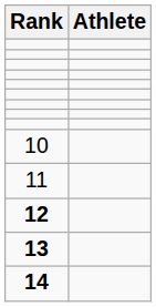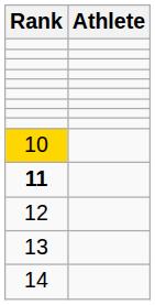 <table class="wikitable sortable" style="text-align:center">
 <tr>
 <th>Rank</th>
 <th>Athlete</th>
 </tr>
 <tr>
 <td></td>
 <td align=left></td>
 </tr>
 <tr>
 <td></td>
 <td align=left></td>
 </tr>
 <tr>
 <td></td>
 <td align=left></td>
 </tr>
 <tr>
 <td></td>
 <td align=left></td>
 </tr>
 <tr>
 <td></td>
 <td align=left></td>
 </tr>
 <tr>
 <td></td>
 <td align=left></td>
 </tr>
 <tr>
 <td></td>
 <td align=left></td>
 </tr>
 <tr>
 <td></td>
 <td align=left></td>
 </tr>
 <tr>
 <td></td>
 <td align=left></td>
 </tr>
 <tr>
-<td>10</td>
+<td style="background: gold;">10</td>
 <td align=left></td>
 </tr>
 <tr>
-<td>11</td>
+<td><strong>11</strong></td>
 <td align=left></td>
 </tr>
 <tr>
-<td><strong>12</strong></td>
+<td>12</td>
 <td align=left></td>
 </tr>
 <tr>
-<td><strong>13</strong></td>
+<td>13</td>
 <td align=left></td>
 </tr>
 <tr>
-<td><strong>14</strong></td>
+<td>14</td>
 <td align=left></td>
 </tr>
 </table>
